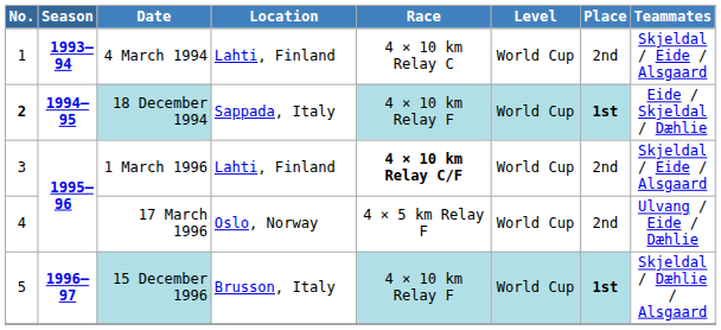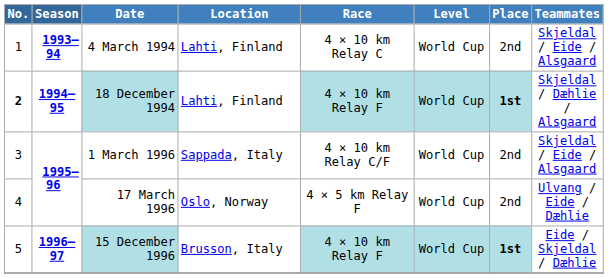 <table class="wikitable sortable" style="font-size:95%; text-align:center; border:grey solid 1px; border-collapse:collapse; background:#ffffff;">
 <tr style="background:#efefef;">
 <th style="background-color:#369; color:white;">No.</th>
 <th style="background-color:#369; color:white;">Season</th>
 <th style="background-color:#4180be; color:white; width:120px;">Date</th>
 <th style="background-color:#4180be; color:white; width:170px;">Location</th>
 <th style="background-color:#4180be; color:white; width:170px;">Race</th>
 <th style="background-color:#4180be; color:white; width:100px;">Level</th>
 <th style="background-color:#4180be; color:white;">Place</th>
 <th style="background-color:#4180be; color:white;">Teammates</th>
 </tr>
 <tr>
 <td align=center>1</td>
 <td rowspan=1 align=center><strong> <a href='#'>1993–94</a> </strong></td>
 <td align=right>4 March 1994</td>
 <td align=left> <a href='#'>Lahti</a>, Finland</td>
 <td>4 × 10 km Relay C</td>
 <td>World Cup</td>
 <td>2nd</td>
 <td><a href='#'>Skjeldal</a> / <a href='#'>Eide</a> / <a href='#'>Alsgaard</a></td>
 </tr>
 <tr>
 <td align=center><strong>2</strong></td>
 <td rowspan=1 align=center><strong><a href='#'>1994–95</a></strong></td>
 <td bgcolor="#BOEOE6" align=right>18 December 1994</td>
-<td align=left> <a href='#'>Sappada</a>, Italy</td>
+<td align=left> <a href='#'>Lahti</a>, Finland</td>
 <td bgcolor="#BOEOE6">4 × 10 km Relay F</td>
 <td bgcolor="#BOEOE6">World Cup</td>
 <td bgcolor="#BOEOE6"><strong>1st</strong></td>
-<td><a href='#'>Eide</a> / <a href='#'>Skjeldal</a> / <a href='#'>Dæhlie</a></td>
+<td><a href='#'>Skjeldal</a> / <a href='#'>Dæhlie</a> / <a href='#'>Alsgaard</a></td>
 </tr>
 <tr>
 <td align=center>3</td>
 <td rowspan=2 align=center><strong> <a href='#'>1995–96</a> </strong></td>
 <td align=right>1 March 1996</td>
-<td align=left> <a href='#'>Lahti</a>, Finland</td>
-<td><strong>4 × 10 km Relay C/F</strong></td>
+<td align=left> <a href='#'>Sappada</a>, Italy</td>
+<td>4 × 10 km Relay C/F</td>
 <td>World Cup</td>
 <td>2nd</td>
 <td><a href='#'>Skjeldal</a> / <a href='#'>Eide</a> / <a href='#'>Alsgaard</a></td>
 </tr>
 <tr>
 <td align=center>4</td>
 <td align=right>17 March 1996</td>
 <td align=left> <a href='#'>Oslo</a>, Norway</td>
 <td>4 × 5 km Relay F</td>
 <td>World Cup</td>
 <td>2nd</td>
 <td><a href='#'>Ulvang</a> / <a href='#'>Eide</a> / <a href='#'>Dæhlie</a></td>
 </tr>
 <tr>
 <td align=center>5</td>
 <td rowspan=1 align=center><strong><a href='#'>1996–97</a></strong></td>
 <td bgcolor="#BOEOE6" align=right>15 December 1996</td>
 <td align=left> <a href='#'>Brusson</a>, Italy</td>
 <td bgcolor="#BOEOE6">4 × 10 km Relay F</td>
 <td bgcolor="#BOEOE6">World Cup</td>
 <td bgcolor="#BOEOE6"><strong>1st</strong></td>
-<td><a href='#'>Skjeldal</a> / <a href='#'>Dæhlie</a> / <a href='#'>Alsgaard</a></td>
+<td><a href='#'>Eide</a> / <a href='#'>Skjeldal</a> / <a href='#'>Dæhlie</a></td>
 </tr>
 <tr>
 </tr>
 </table>
